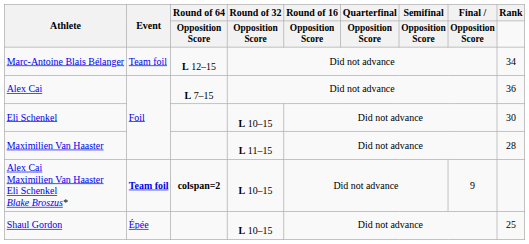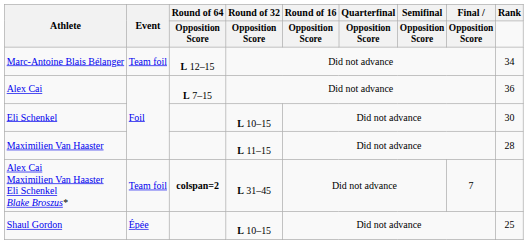 <table class=wikitable style=font-size:90%;text-align:center>
 <tr>
 <th rowspan=2>Athlete</th>
 <th rowspan=2>Event</th>
 <th>Round of 64</th>
 <th>Round of 32</th>
 <th>Round of 16</th>
 <th>Quarterfinal</th>
 <th>Semifinal</th>
 <th>Final / </th>
 <th colspan=2>Rank</th>
 </tr>
 <tr style=font-size:95%>
 <th>Opposition <br> Score</th>
 <th>Opposition <br> Score</th>
 <th>Opposition <br> Score</th>
 <th>Opposition <br> Score</th>
 <th>Opposition <br> Score</th>
 <th>Opposition <br> Score</th>
 </tr>
 <tr>
 <td align=left><a href='#'>Marc-Antoine Blais Bélanger</a></td>
 <td align=left><a href='#'>Team foil</a></td>
 <td><br><strong>L</strong> 12–15</td>
 <td colspan=5>Did not advance</td>
 <td>34</td>
 </tr>
 <tr>
 <td align=left><a href='#'>Alex Cai</a></td>
 <td align=left rowspan=3><a href='#'>Foil</a></td>
 <td><br><strong>L</strong> 7–15</td>
 <td colspan=5>Did not advance</td>
 <td>36</td>
 </tr>
 <tr>
 <td align=left><a href='#'>Eli Schenkel</a></td>
 <td></td>
 <td><br><strong>L</strong> 10–15</td>
 <td colspan=4>Did not advance</td>
 <td>30</td>
 </tr>
 <tr>
 <td align=left><a href='#'>Maximilien Van Haaster</a></td>
 <td></td>
 <td><br><strong>L</strong> 11–15</td>
 <td colspan=4>Did not advance</td>
 <td>28</td>
 </tr>
 <tr>
 <td align=left><a href='#'>Alex Cai</a><br><a href='#'>Maximilien Van Haaster</a><br><a href='#'>Eli Schenkel</a><br><em><a href='#'>Blake Broszus</a>*</em></td>
-<td align=left><strong><a href='#'>Team foil</a></strong></td>
+<td align=left><a href='#'>Team foil</a></td>
 <td><strong>colspan=2 </strong></td>
-<td><br><strong>L</strong> 10–15</td>
+<td><br><strong>L</strong> 31–45</td>
 <td colspan=3>Did not advance</td>
-<td>9</td>
+<td>7</td>
 </tr>
 <tr>
 <td align=left><a href='#'>Shaul Gordon</a></td>
 <td align=left><a href='#'>Épée</a></td>
 <td></td>
 <td><br><strong>L</strong> 10–15</td>
 <td colspan=4>Did not advance</td>
 <td>25</td>
 </tr>
 </table>
